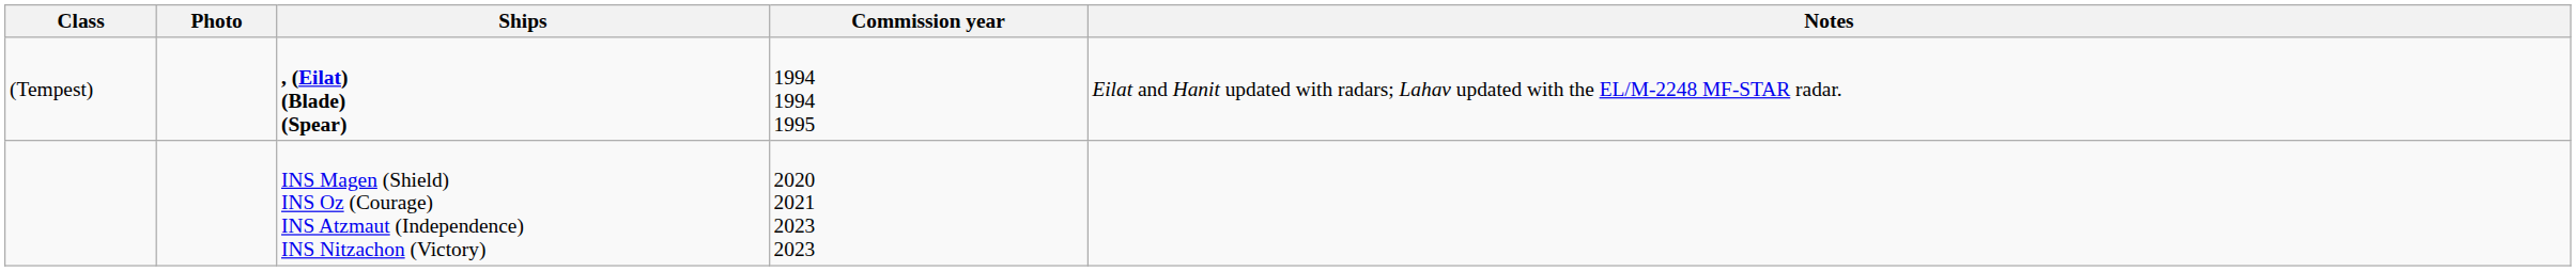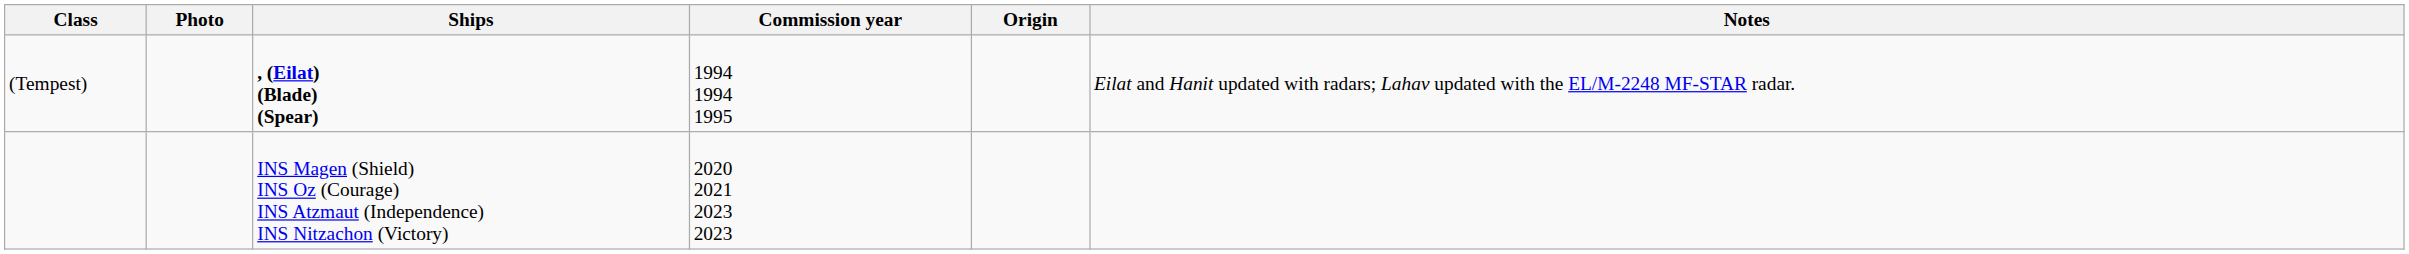 <table class="wikitable" style="margin:auto; width:100%;">
 <tr>
 <th width="110">Class</th>
 <th>Photo</th>
 <th>Ships</th>
 <th>Commission year</th>
+<th>Origin</th>
 <th>Notes</th>
 </tr>
 <tr>
 <td>  (Tempest)</td>
 <td></td>
 <td><strong><br>,  (<a href='#'>Eilat</a>)<br>   (Blade)<br>   (Spear)</strong></td>
 <td><br>1994<br>1994<br>1995</td>
+<td></td>
 <td><em>Eilat</em> and <em>Hanit</em> updated with  radars; <em>Lahav</em> updated with the <a href='#'>EL/M-2248 MF-STAR</a> radar.</td>
 </tr>
 <tr>
 <td></td>
 <td></td>
 <td><br><a href='#'>INS Magen</a>  (Shield)<br> <a href='#'>INS Oz</a> (Courage)<br> <a href='#'>INS Atzmaut</a> (Independence)<br> <a href='#'>INS Nitzachon</a> (Victory)</td>
 <td><br>2020<br>2021<br>2023<br>2023</td>
 <td></td>
+<td></td>
 </tr>
 </table>
